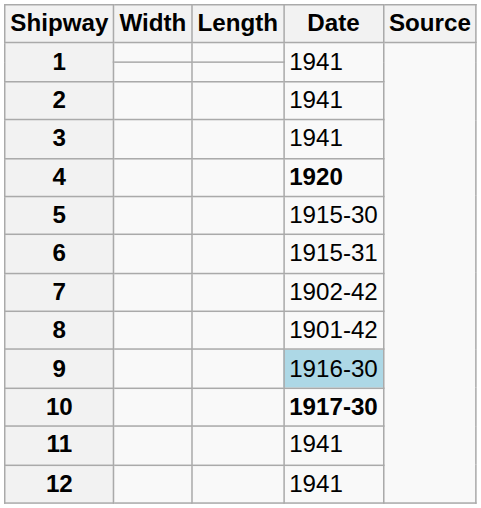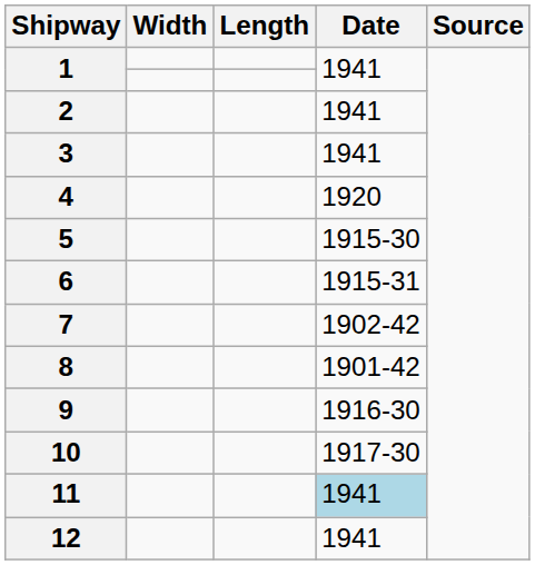 <table class="wikitable">
 <tr>
 <th style="text-align: left;">Shipway</th>
 <th>Width</th>
 <th>Length</th>
 <th>Date</th>
 <th>Source</th>
 </tr>
 <tr>
 <th scope="row" rowspan=2>1</th>
 <td></td>
 <td></td>
 <td scope="row" rowspan=2>1941</td>
 <td rowspan=13></td>
 </tr>
 <tr>
 <td></td>
 <td></td>
 </tr>
 <tr>
 <th style="text-align: center;">2</th>
 <td></td>
 <td></td>
 <td>1941</td>
 </tr>
 <tr>
 <th style="text-align: center;">3</th>
 <td></td>
 <td></td>
 <td>1941</td>
 </tr>
 <tr>
 <th style="text-align: center;">4</th>
 <td></td>
 <td></td>
-<td><strong>1920</strong></td>
+<td>1920</td>
 </tr>
 <tr>
 <th style="text-align: center;">5</th>
 <td></td>
 <td></td>
 <td>1915-30</td>
 </tr>
 <tr>
 <th style="text-align: center;">6</th>
 <td></td>
 <td></td>
 <td>1915-31</td>
 </tr>
 <tr>
 <th style="text-align: center;">7</th>
 <td></td>
 <td></td>
 <td>1902-42</td>
 </tr>
 <tr>
 <th style="text-align: center;">8</th>
 <td></td>
 <td></td>
 <td>1901-42</td>
 </tr>
 <tr>
 <th style="text-align: center;">9</th>
 <td></td>
 <td></td>
-<td style="background: lightblue;">1916-30</td>
+<td>1916-30</td>
 </tr>
 <tr>
 <th style="text-align: center;">10</th>
 <td></td>
 <td></td>
-<td><strong>1917-30</strong></td>
+<td>1917-30</td>
 </tr>
 <tr>
 <th style="text-align: center;">11</th>
 <td></td>
 <td></td>
-<td>1941</td>
+<td style="background: lightblue;">1941</td>
 </tr>
 <tr>
 <th style="text-align: center;">12</th>
 <td></td>
 <td></td>
 <td>1941</td>
 </tr>
 </table>
